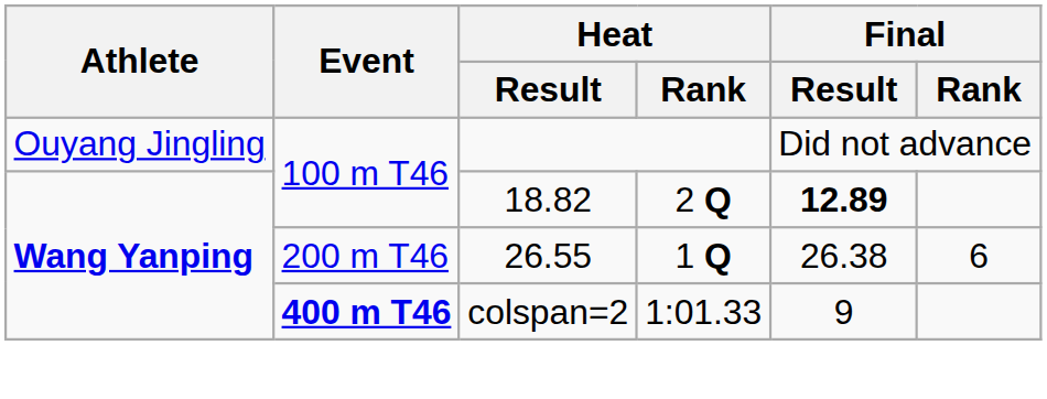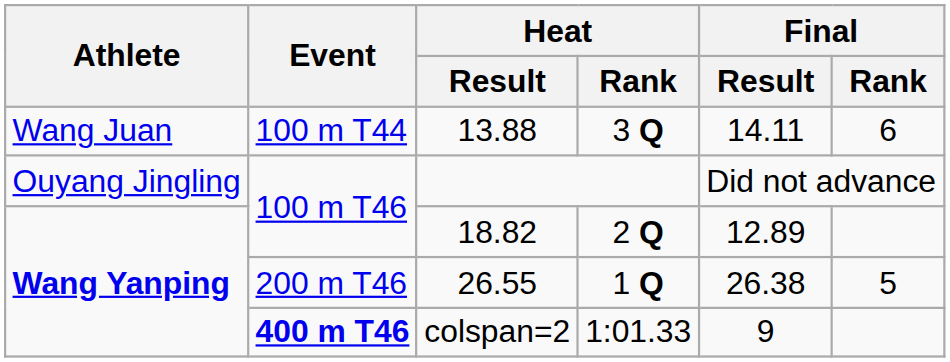 <table class="wikitable" style="text-align: center; font-size:90%">
 <tr>
 <th rowspan="2">Athlete</th>
 <th rowspan="2">Event</th>
 <th colspan="2">Heat</th>
 <th colspan="2">Final</th>
 </tr>
 <tr>
 <th>Result</th>
 <th>Rank</th>
 <th>Result</th>
 <th>Rank</th>
 </tr>
 <tr>
+<td align=left><a href='#'>Wang Juan</a></td>
+<td align=left><a href='#'>100 m T44</a></td>
+<td>13.88</td>
+<td>3 <strong>Q</strong></td>
+<td>14.11</td>
+<td>6</td>
+</tr>
+<tr>
 <td align=left><a href='#'>Ouyang Jingling</a></td>
 <td align=left rowspan=2><a href='#'>100 m T46</a></td>
 <td colspan=2></td>
 <td colspan=2>Did not advance</td>
 </tr>
 <tr>
 <td align=left rowspan=3><strong><a href='#'>Wang Yanping</a></strong></td>
 <td>18.82 </td>
 <td>2 <strong>Q</strong></td>
-<td><strong>12.89</strong></td>
+<td>12.89</td>
 <td></td>
 </tr>
 <tr>
 <td align=left><a href='#'>200 m T46</a></td>
 <td>26.55</td>
 <td>1 <strong>Q</strong></td>
 <td>26.38 </td>
-<td>6</td>
+<td>5</td>
 </tr>
 <tr>
 <td align=left><strong><a href='#'>400 m T46</a></strong></td>
 <td>colspan=2 </td>
 <td>1:01.33</td>
 <td>9</td>
 </tr>
 </table>
